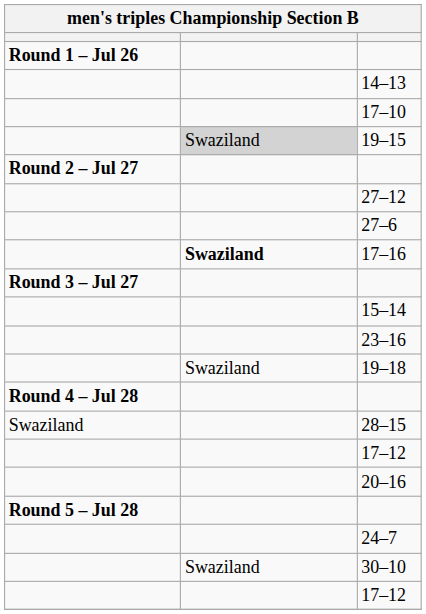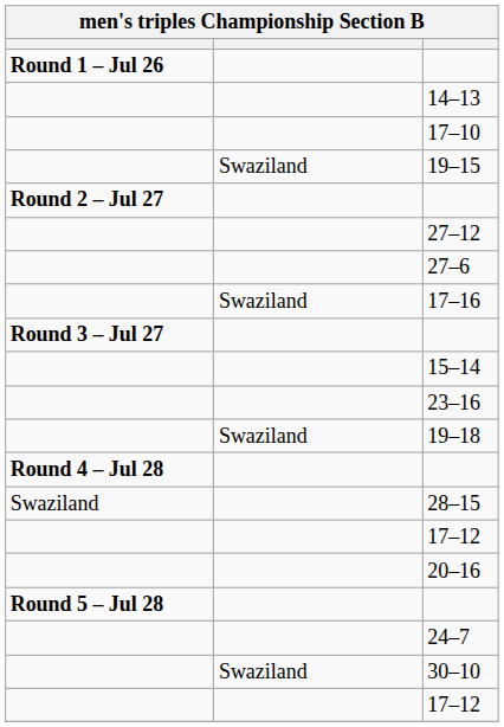 <table class="wikitable">
 <tr>
 <th colspan="3">men's triples Championship Section B</th>
 </tr>
 <tr>
 <th width=150></th>
 <th width=150></th>
 <th width=50></th>
 </tr>
 <tr>
 <td><strong>Round 1 – Jul 26</strong></td>
 <td></td>
 <td></td>
 </tr>
 <tr>
 <td></td>
 <td></td>
 <td>14–13</td>
 </tr>
 <tr>
 <td></td>
 <td></td>
 <td>17–10</td>
 </tr>
 <tr>
 <td></td>
-<td style="background: lightgrey;"> Swaziland</td>
+<td> Swaziland</td>
 <td>19–15</td>
 </tr>
 <tr>
 <td><strong>Round 2 – Jul 27</strong></td>
 <td></td>
 <td></td>
 </tr>
 <tr>
 <td></td>
 <td></td>
 <td>27–12</td>
 </tr>
 <tr>
 <td></td>
 <td></td>
 <td>27–6</td>
 </tr>
 <tr>
 <td></td>
-<td><strong> Swaziland</strong></td>
+<td> Swaziland</td>
 <td>17–16</td>
 </tr>
 <tr>
 <td><strong>Round 3 – Jul 27</strong></td>
 <td></td>
 <td></td>
 </tr>
 <tr>
 <td></td>
 <td></td>
 <td>15–14</td>
 </tr>
 <tr>
 <td></td>
 <td></td>
 <td>23–16</td>
 </tr>
 <tr>
 <td></td>
 <td> Swaziland</td>
 <td>19–18</td>
 </tr>
 <tr>
 <td><strong>Round 4 – Jul 28</strong></td>
 <td></td>
 <td></td>
 </tr>
 <tr>
 <td> Swaziland</td>
 <td></td>
 <td>28–15</td>
 </tr>
 <tr>
 <td></td>
 <td></td>
 <td>17–12</td>
 </tr>
 <tr>
 <td></td>
 <td></td>
 <td>20–16</td>
 </tr>
 <tr>
 <td><strong>Round 5 – Jul 28</strong></td>
 <td></td>
 <td></td>
 </tr>
 <tr>
 <td></td>
 <td></td>
 <td>24–7</td>
 </tr>
 <tr>
 <td></td>
 <td> Swaziland</td>
 <td>30–10</td>
 </tr>
 <tr>
 <td></td>
 <td></td>
 <td>17–12</td>
 </tr>
 <tr>
 </tr>
 </table>
